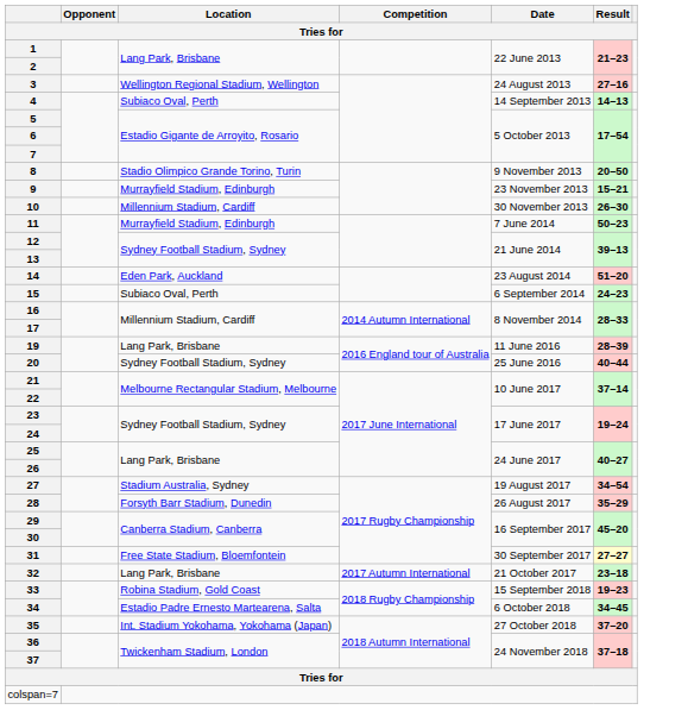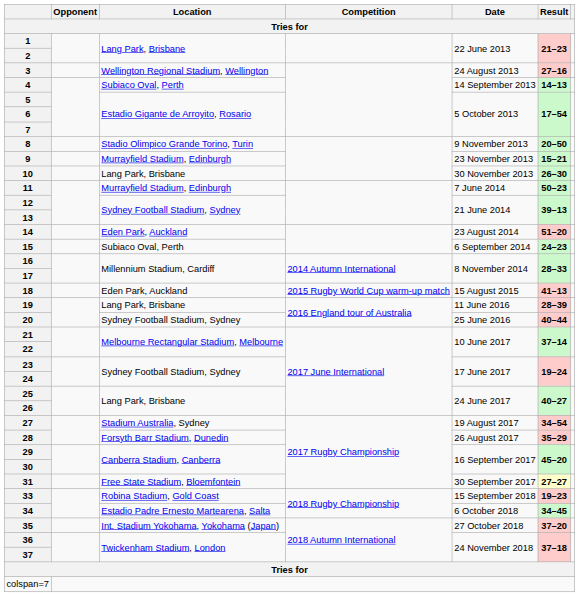 <table class="wikitable" style="font-size:95%">
 <tr>
 <th></th>
 <th>Opponent</th>
 <th>Location</th>
 <th>Competition</th>
 <th>Date</th>
 <th>Result</th>
 <th></th>
 </tr>
 <tr>
 <th colspan=7>Tries for </th>
 </tr>
 <tr>
 <th>1</th>
 <td rowspan=2></td>
 <td rowspan=2><a href='#'>Lang Park</a>, <a href='#'>Brisbane</a></td>
 <td rowspan=2></td>
 <td rowspan=2>22 June 2013</td>
 <td bgcolor=#FFCCCC rowspan=2 align=center><strong>21–23</strong></td>
 <td align=center rowspan=2></td>
 </tr>
 <tr>
 <th>2</th>
 </tr>
 <tr>
 <th>3</th>
 <td></td>
 <td><a href='#'>Wellington Regional Stadium</a>, <a href='#'>Wellington</a></td>
 <td rowspan=5></td>
 <td>24 August 2013</td>
 <td bgcolor=#FFCCCC align=center><strong>27–16</strong></td>
 <td align=center></td>
 </tr>
 <tr>
 <th>4</th>
 <td rowspan=4></td>
 <td><a href='#'>Subiaco Oval</a>, <a href='#'>Perth</a></td>
 <td>14 September 2013</td>
 <td bgcolor=#CCF9CC align=center><strong>14–13</strong></td>
 <td align=center></td>
 </tr>
 <tr>
 <th>5</th>
 <td rowspan=3><a href='#'>Estadio Gigante de Arroyito</a>, <a href='#'>Rosario</a></td>
 <td rowspan=3>5 October 2013</td>
 <td rowspan=3 bgcolor=#CCF9CC align=center><strong>17–54</strong></td>
 <td rowspan=3 align=center></td>
 </tr>
 <tr>
 <th>6</th>
 </tr>
 <tr>
 <th>7</th>
 </tr>
 <tr>
 <th>8</th>
 <td></td>
 <td><a href='#'>Stadio Olimpico Grande Torino</a>, <a href='#'>Turin</a></td>
 <td rowspan=3></td>
 <td>9 November 2013</td>
 <td bgcolor=#CCF9CC align=center><strong>20–50</strong></td>
 <td align=center></td>
 </tr>
 <tr>
 <th>9</th>
 <td></td>
 <td><a href='#'>Murrayfield Stadium</a>, <a href='#'>Edinburgh</a></td>
 <td>23 November 2013</td>
 <td bgcolor=#CCF9CC align=center><strong>15–21</strong></td>
 <td align=center></td>
 </tr>
 <tr>
 <th>10</th>
 <td></td>
-<td><a href='#'>Millennium Stadium</a>, <a href='#'>Cardiff</a></td>
+<td>Lang Park, Brisbane</td>
 <td>30 November 2013</td>
 <td bgcolor=#CCF9CC align=center><strong>26–30</strong></td>
 <td align=center></td>
 </tr>
 <tr>
 <th>11</th>
 <td rowspan=3></td>
 <td><a href='#'>Murrayfield Stadium</a>, <a href='#'>Edinburgh</a></td>
 <td rowspan=3></td>
 <td>7 June 2014</td>
 <td bgcolor=#CCF9CC align=center><strong>50–23</strong></td>
 <td align=center></td>
 </tr>
 <tr>
 <th>12</th>
 <td rowspan=2><a href='#'>Sydney Football Stadium</a>, <a href='#'>Sydney</a></td>
 <td rowspan=2>21 June 2014</td>
 <td rowspan=2 bgcolor=#CCF9CC align=center><strong>39–13</strong></td>
 <td align=center rowspan=2></td>
 </tr>
 <tr>
 <th>13</th>
 </tr>
 <tr>
 <th>14</th>
 <td></td>
 <td><a href='#'>Eden Park</a>, <a href='#'>Auckland</a></td>
 <td rowspan=2></td>
 <td>23 August 2014</td>
 <td bgcolor=#FFCCCC align=center><strong>51–20</strong></td>
 <td align=center></td>
 </tr>
 <tr>
 <th>15</th>
 <td></td>
 <td>Subiaco Oval, Perth</td>
 <td>6 September 2014</td>
 <td bgcolor=#CCF9CC align=center><strong>24–23</strong></td>
 <td align=center></td>
 </tr>
 <tr>
 <th>16</th>
 <td rowspan=2></td>
 <td rowspan=2>Millennium Stadium, Cardiff</td>
 <td rowspan=2><a href='#'>2014 Autumn International</a></td>
 <td rowspan=2>8 November 2014</td>
 <td bgcolor=#CCF9CC align=center rowspan=2><strong>28–33</strong></td>
 <td align=center rowspan=2></td>
 </tr>
 <tr>
 <th>17</th>
+</tr>
+<tr>
+<th>18</th>
+<td></td>
+<td>Eden Park, Auckland</td>
+<td><a href='#'>2015 Rugby World Cup warm-up match</a></td>
+<td>15 August 2015</td>
+<td bgcolor=#FFCCCC align=center><strong>41–13</strong></td>
+<td align=center></td>
 </tr>
 <tr>
 <th>19</th>
 <td rowspan=2></td>
 <td>Lang Park, Brisbane</td>
 <td rowspan=2><a href='#'>2016 England tour of Australia</a></td>
 <td>11 June 2016</td>
 <td bgcolor=#FFCCCC align=center><strong>28–39</strong></td>
 <td align=center></td>
 </tr>
 <tr>
 <th>20</th>
 <td>Sydney Football Stadium, Sydney</td>
 <td>25 June 2016</td>
 <td bgcolor=#FFCCCC align=center><strong>40–44</strong></td>
 <td align=center></td>
 </tr>
 <tr>
 <th>21</th>
 <td rowspan=2></td>
 <td rowspan=2><a href='#'>Melbourne Rectangular Stadium</a>, <a href='#'>Melbourne</a></td>
 <td rowspan=6><a href='#'>2017 June International</a></td>
 <td rowspan=2>10 June 2017</td>
 <td bgcolor=#CCF9CC align=center rowspan=2><strong>37–14</strong></td>
 <td align=center rowspan=2></td>
 </tr>
 <tr>
 <th>22</th>
 </tr>
 <tr>
 <th>23</th>
 <td rowspan=2></td>
 <td rowspan=2>Sydney Football Stadium, Sydney</td>
 <td rowspan=2>17 June 2017</td>
 <td bgcolor=#FFCCCC align=center rowspan=2><strong>19–24</strong></td>
 <td align=center rowspan=2></td>
 </tr>
 <tr>
 <th>24</th>
 </tr>
 <tr>
 <th>25</th>
 <td rowspan=2></td>
 <td rowspan=2>Lang Park, Brisbane</td>
 <td rowspan=2>24 June 2017</td>
 <td bgcolor=#CCF9CC align=center rowspan=2><strong>40–27</strong></td>
 <td align=center rowspan=2></td>
 </tr>
 <tr>
 <th>26</th>
 </tr>
 <tr>
 <th>27</th>
 <td rowspan=2></td>
 <td><a href='#'>Stadium Australia</a>, Sydney</td>
 <td rowspan=5><a href='#'>2017 Rugby Championship</a></td>
 <td>19 August 2017</td>
 <td bgcolor=#FFCCCC align=center><strong>34–54</strong></td>
 <td align=center></td>
 </tr>
 <tr>
 <th>28</th>
 <td><a href='#'>Forsyth Barr Stadium</a>, <a href='#'>Dunedin</a></td>
 <td>26 August 2017</td>
 <td bgcolor=#FFCCCC align=center><strong>35–29</strong></td>
 <td align=center></td>
 </tr>
 <tr>
 <th>29</th>
 <td rowspan=2></td>
 <td rowspan=2><a href='#'>Canberra Stadium</a>, <a href='#'>Canberra</a></td>
 <td rowspan=2>16 September 2017</td>
 <td bgcolor=#CCF9CC align=center rowspan=2><strong>45–20</strong></td>
 <td align=center rowspan=2></td>
 </tr>
 <tr>
 <th>30</th>
 </tr>
 <tr>
 <th>31</th>
 <td></td>
 <td><a href='#'>Free State Stadium</a>, <a href='#'>Bloemfontein</a></td>
 <td>30 September 2017</td>
 <td bgcolor=#FFFFCC align=center><strong>27–27</strong></td>
 <td align=center></td>
 </tr>
 <tr>
-<th>32</th>
-<td></td>
-<td>Lang Park, Brisbane</td>
-<td><a href='#'>2017 Autumn International</a></td>
-<td>21 October 2017</td>
-<td bgcolor=#CCF9CC align=center><strong>23–18</strong></td>
-<td align=center></td>
-</tr>
-<tr>
 <th>33</th>
 <td rowspan=2></td>
 <td><a href='#'>Robina Stadium</a>, <a href='#'>Gold Coast</a></td>
 <td rowspan=2><a href='#'>2018 Rugby Championship</a></td>
 <td>15 September 2018</td>
 <td bgcolor=#FFCCCC align=center><strong>19–23</strong></td>
 <td align=center></td>
 </tr>
 <tr>
 <th>34</th>
 <td><a href='#'>Estadio Padre Ernesto Martearena</a>, <a href='#'>Salta</a></td>
 <td>6 October 2018</td>
 <td bgcolor=#CCF9CC align=center><strong>34–45</strong></td>
 <td align=center></td>
 </tr>
 <tr>
 <th>35</th>
 <td></td>
 <td><a href='#'>Int. Stadium Yokohama</a>, <a href='#'>Yokohama</a> (<a href='#'>Japan</a>)</td>
 <td rowspan=3><a href='#'>2018 Autumn International</a></td>
 <td>27 October 2018</td>
 <td bgcolor=#FFCCCC align=center><strong>37–20</strong></td>
 <td align=center></td>
 </tr>
 <tr>
 <th>36</th>
 <td rowspan=2></td>
 <td rowspan=2><a href='#'>Twickenham Stadium</a>, <a href='#'>London</a></td>
 <td rowspan=2>24 November 2018</td>
 <td bgcolor=#FFCCCC align=center rowspan=2><strong>37–18</strong></td>
 <td align=center rowspan=2></td>
 </tr>
 <tr>
 <th>37</th>
 </tr>
 <tr>
 <th colspan=7>Tries for </th>
 </tr>
 <tr>
 <td>colspan=7 </td>
 </tr>
 </table>
